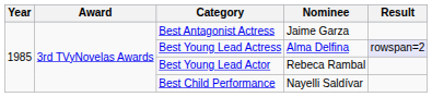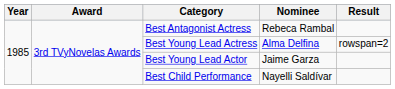 <table class="wikitable">
 <tr style="background:#b0c4de;">
 <th>Year</th>
 <th>Award</th>
 <th>Category</th>
 <th>Nominee</th>
 <th>Result</th>
 </tr>
 <tr>
 <td rowspan=4>1985</td>
 <td rowspan=4><a href='#'>3rd TVyNovelas Awards</a></td>
 <td><a href='#'>Best Antagonist Actress</a></td>
-<td>Jaime Garza</td>
+<td>Rebeca Rambal</td>
 <td></td>
 </tr>
 <tr>
 <td><a href='#'>Best Young Lead Actress</a></td>
 <td><a href='#'>Alma Delfina</a></td>
-<td style="background: lavender;">rowspan=2 </td>
+<td>rowspan=2 </td>
 </tr>
 <tr>
 <td><a href='#'>Best Young Lead Actor</a></td>
-<td>Rebeca Rambal</td>
+<td>Jaime Garza</td>
 </tr>
 <tr>
 <td><a href='#'>Best Child Performance</a></td>
 <td>Nayelli Saldívar</td>
 <td></td>
 </tr>
 </table>
